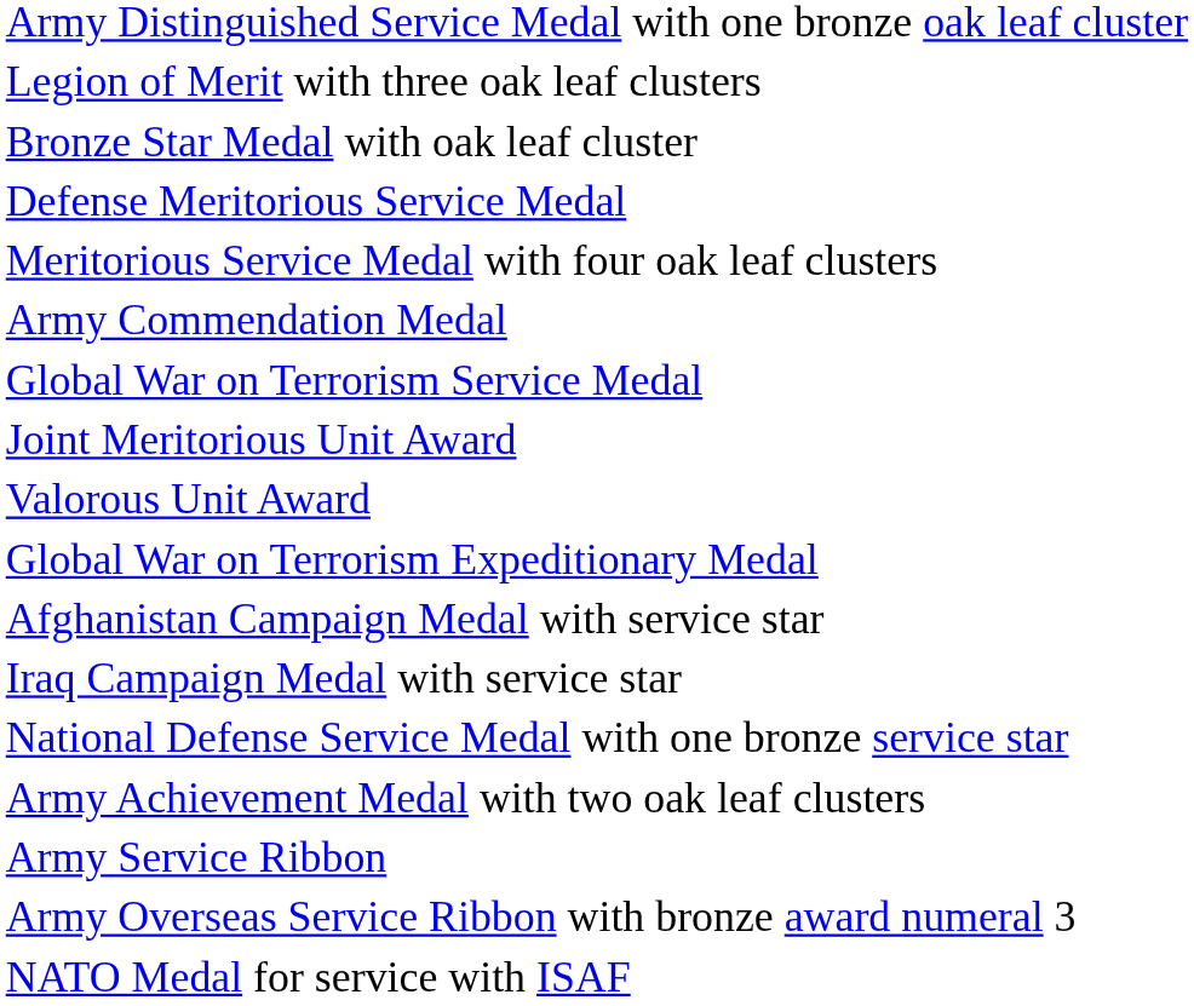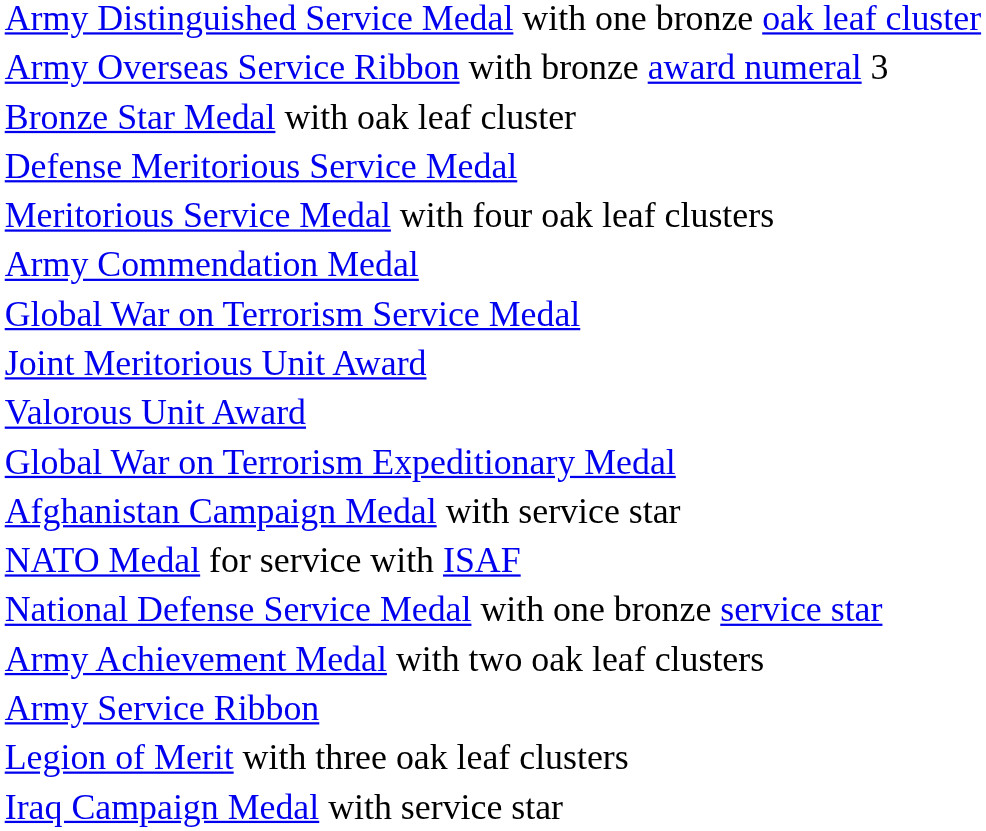 <table>
 <tr>
 <td> <a href='#'>Army Distinguished Service Medal</a> with one bronze <a href='#'>oak leaf cluster</a></td>
 </tr>
 <tr>
-<td><span></span><span></span><span></span> <a href='#'>Legion of Merit</a> with three oak leaf clusters</td>
+<td><span></span> <a href='#'>Army Overseas Service Ribbon</a> with bronze <a href='#'>award numeral</a> 3</td>
 </tr>
 <tr>
 <td> <a href='#'>Bronze Star Medal</a> with oak leaf cluster</td>
 </tr>
 <tr>
 <td> <a href='#'>Defense Meritorious Service Medal</a></td>
 </tr>
 <tr>
 <td><span></span><span></span><span></span><span></span> <a href='#'>Meritorious Service Medal</a> with four oak leaf clusters</td>
 </tr>
 <tr>
 <td> <a href='#'>Army Commendation Medal</a></td>
 </tr>
 <tr>
 <td> <a href='#'>Global War on Terrorism Service Medal</a></td>
 </tr>
 <tr>
 <td> <a href='#'>Joint Meritorious Unit Award</a></td>
 </tr>
 <tr>
 <td> <a href='#'>Valorous Unit Award</a></td>
 </tr>
 <tr>
 <td> <a href='#'>Global War on Terrorism Expeditionary Medal</a></td>
 </tr>
 <tr>
 <td> <a href='#'>Afghanistan Campaign Medal</a> with service star</td>
 </tr>
 <tr>
-<td> <a href='#'>Iraq Campaign Medal</a> with service star</td>
+<td> <a href='#'>NATO Medal</a> for service with <a href='#'>ISAF</a></td>
 </tr>
 <tr>
 <td> <a href='#'>National Defense Service Medal</a> with one bronze <a href='#'>service star</a></td>
 </tr>
 <tr>
 <td><span></span><span></span> <a href='#'>Army Achievement Medal</a> with two oak leaf clusters</td>
 </tr>
 <tr>
 <td> <a href='#'>Army Service Ribbon</a></td>
 </tr>
 <tr>
-<td><span></span> <a href='#'>Army Overseas Service Ribbon</a> with bronze <a href='#'>award numeral</a> 3</td>
+<td><span></span><span></span><span></span> <a href='#'>Legion of Merit</a> with three oak leaf clusters</td>
 </tr>
 <tr>
-<td> <a href='#'>NATO Medal</a> for service with <a href='#'>ISAF</a></td>
+<td> <a href='#'>Iraq Campaign Medal</a> with service star</td>
 </tr>
 </table>
